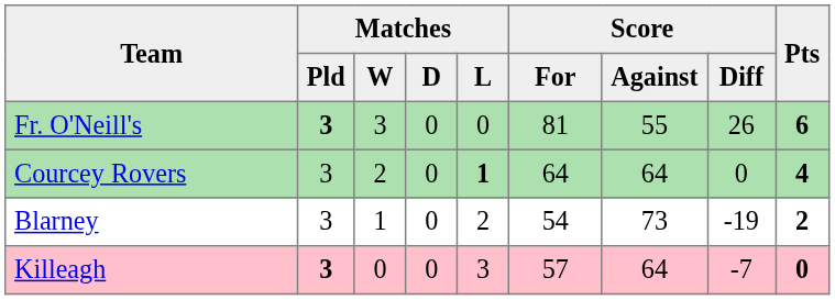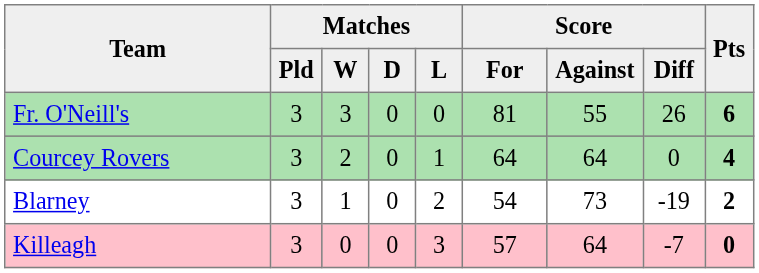 <table style=border-collapse:collapse border=1 cellspacing=0 cellpadding=5>
 <tr align=center bgcolor=#efefef>
 <th rowspan=2 width=165>Team</th>
 <th colspan=4>Matches</th>
 <th colspan=3>Score</th>
 <th rowspan=2width=20>Pts</th>
 </tr>
 <tr align=center bgcolor=#efefef>
 <th width=20>Pld</th>
 <th width=20>W</th>
 <th width=20>D</th>
 <th width=20>L</th>
 <th width=45>For</th>
 <th width=45>Against</th>
 <th width=30>Diff</th>
 </tr>
 <tr align=center style="background:#ACE1AF;">
 <td style="text-align:left;"><a href='#'>Fr. O'Neill's</a></td>
-<td><strong>3</strong></td>
+<td>3</td>
 <td>3</td>
 <td>0</td>
 <td>0</td>
 <td>81</td>
 <td>55</td>
 <td>26</td>
 <td><strong>6</strong></td>
 </tr>
 <tr align=center style="background:#ACE1AF;">
 <td style="text-align:left;"><a href='#'>Courcey Rovers</a></td>
 <td>3</td>
 <td>2</td>
 <td>0</td>
-<td><strong>1</strong></td>
+<td>1</td>
 <td>64</td>
 <td>64</td>
 <td>0</td>
 <td><strong>4</strong></td>
 </tr>
 <tr align=center>
 <td style="text-align:left;"><a href='#'>Blarney</a></td>
 <td>3</td>
 <td>1</td>
 <td>0</td>
 <td>2</td>
 <td>54</td>
 <td>73</td>
 <td>-19</td>
 <td><strong>2</strong></td>
 </tr>
 <tr align=center style="background:#FFC0CB;">
 <td style="text-align:left;"><a href='#'>Killeagh</a></td>
-<td><strong>3</strong></td>
+<td>3</td>
 <td>0</td>
 <td>0</td>
 <td>3</td>
 <td>57</td>
 <td>64</td>
 <td>-7</td>
 <td><strong>0</strong></td>
 </tr>
 </table>
